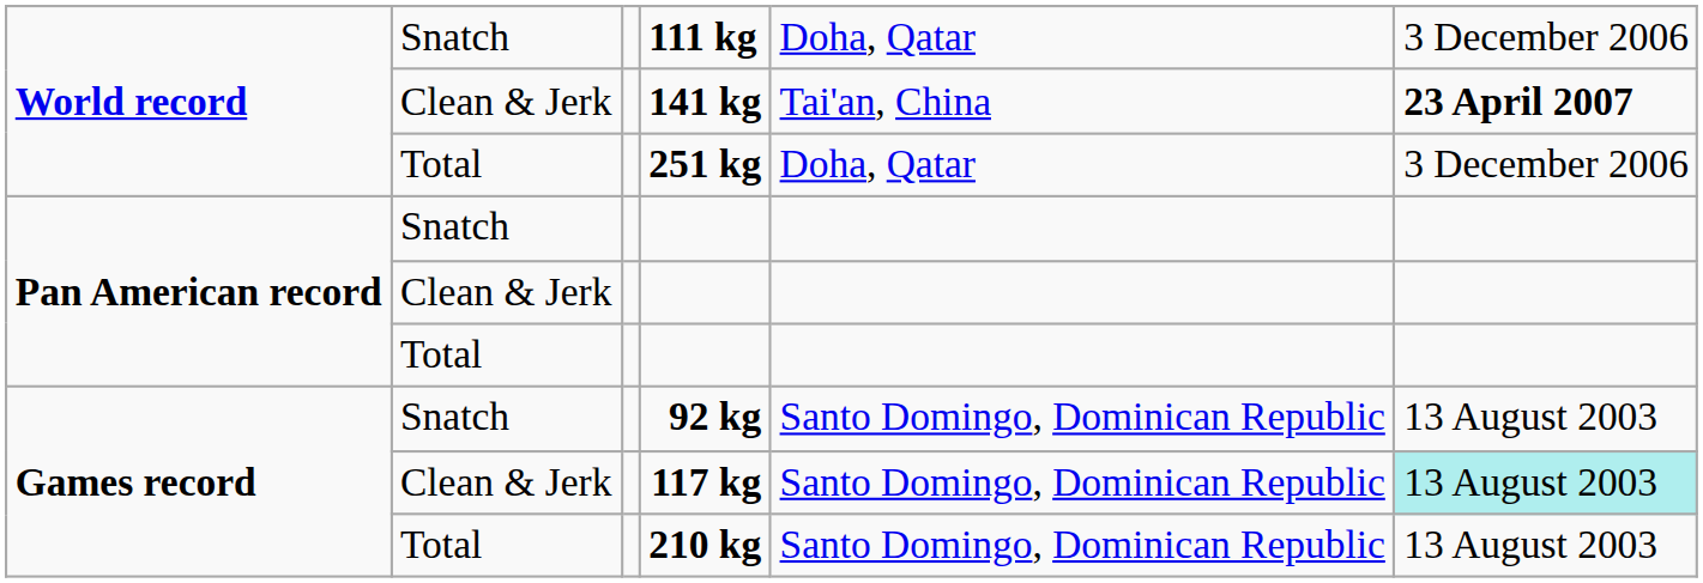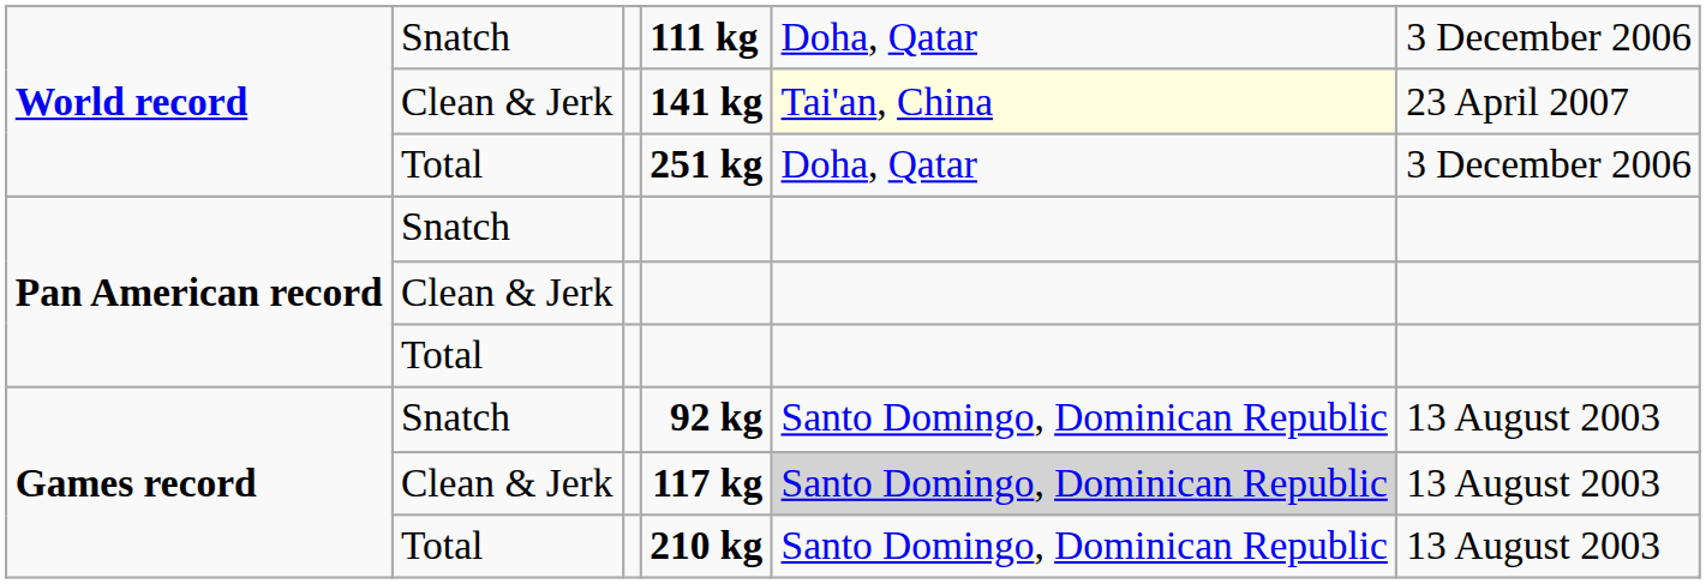 <table class="wikitable">
 <tr>
 <td rowspan=3><strong><a href='#'>World record</a></strong></td>
 <td>Snatch</td>
 <td></td>
 <td><strong>111 kg</strong></td>
 <td><a href='#'>Doha</a>, <a href='#'>Qatar</a></td>
 <td>3 December 2006</td>
 </tr>
 <tr>
 <td>Clean & Jerk</td>
 <td></td>
 <td><strong>141 kg</strong></td>
-<td><a href='#'>Tai'an</a>, <a href='#'>China</a></td>
-<td><strong>23 April 2007</strong></td>
+<td style="background: lightyellow;"><a href='#'>Tai'an</a>, <a href='#'>China</a></td>
+<td>23 April 2007</td>
 </tr>
 <tr>
 <td>Total</td>
 <td></td>
 <td><strong>251 kg</strong></td>
 <td><a href='#'>Doha</a>, <a href='#'>Qatar</a></td>
 <td>3 December 2006</td>
 </tr>
 <tr>
 <td rowspan=3><strong>Pan American record</strong></td>
 <td>Snatch</td>
 <td></td>
 <td></td>
 <td></td>
 <td></td>
 </tr>
 <tr>
 <td>Clean & Jerk</td>
 <td></td>
 <td></td>
 <td></td>
 <td></td>
 </tr>
 <tr>
 <td>Total</td>
 <td></td>
 <td></td>
 <td></td>
 <td></td>
 </tr>
 <tr>
 <td rowspan=3><strong>Games record</strong></td>
 <td>Snatch</td>
 <td></td>
 <td align=right><strong>92 kg</strong></td>
 <td><a href='#'>Santo Domingo</a>, <a href='#'>Dominican Republic</a></td>
 <td>13 August 2003</td>
 </tr>
 <tr>
 <td>Clean & Jerk</td>
 <td></td>
 <td align=right><strong>117 kg</strong></td>
-<td><a href='#'>Santo Domingo</a>, <a href='#'>Dominican Republic</a></td>
-<td style="background: paleturquoise;">13 August 2003</td>
+<td style="background: lightgrey;"><a href='#'>Santo Domingo</a>, <a href='#'>Dominican Republic</a></td>
+<td>13 August 2003</td>
 </tr>
 <tr>
 <td>Total</td>
 <td></td>
 <td align=right><strong>210 kg</strong></td>
 <td><a href='#'>Santo Domingo</a>, <a href='#'>Dominican Republic</a></td>
 <td>13 August 2003</td>
 </tr>
 </table>
